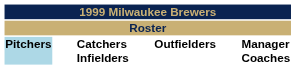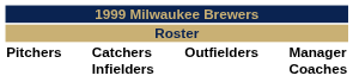 <table class="toccolours" style="font-size: 95%;">
 <tr>
 <th colspan="10" style="background-color: #0a2351; color:#c9b074;  text-align: center;">1999 Milwaukee Brewers</th>
 </tr>
 <tr>
 <td colspan="10" style="background-color: #c9b074; color: #0a2351; text-align: center;"><strong>Roster</strong></td>
 </tr>
 <tr>
-<td valign="top" style="background: lightblue;"><strong>Pitchers</strong><br>                       </td>
+<td valign="top"><strong>Pitchers</strong><br>                       </td>
 <td width="25px"></td>
 <td valign="top"><strong>Catchers</strong><br>    <strong>Infielders</strong>          </td>
 <td width="25px"></td>
 <td valign="top"><strong>Outfielders</strong><br>     </td>
 <td width="25px"></td>
 <td valign="top"><strong>Manager</strong><br>  <strong>Coaches</strong>      </td>
 </tr>
 <tr>
 </tr>
 </table>
